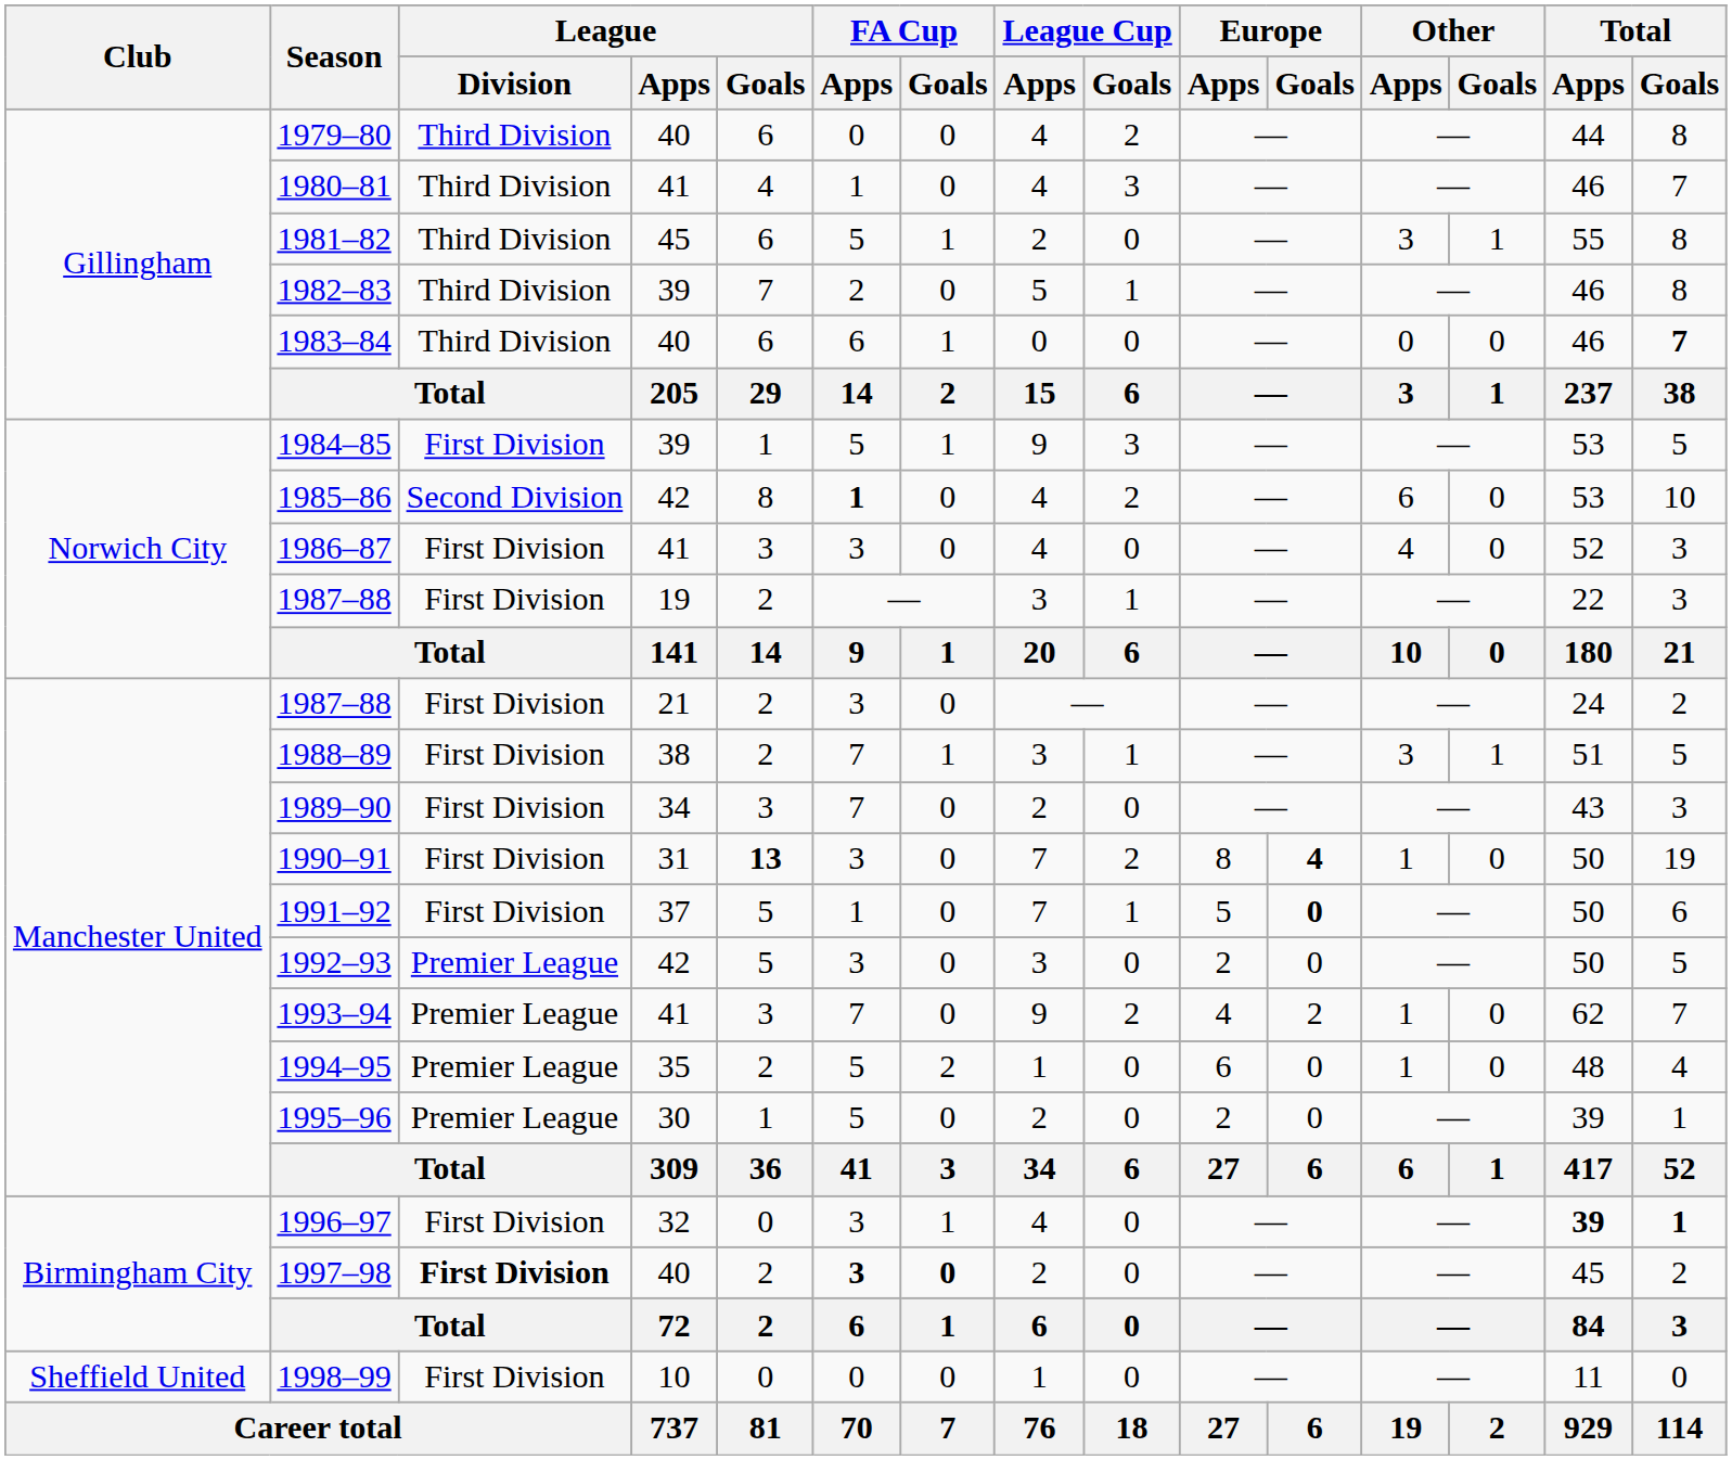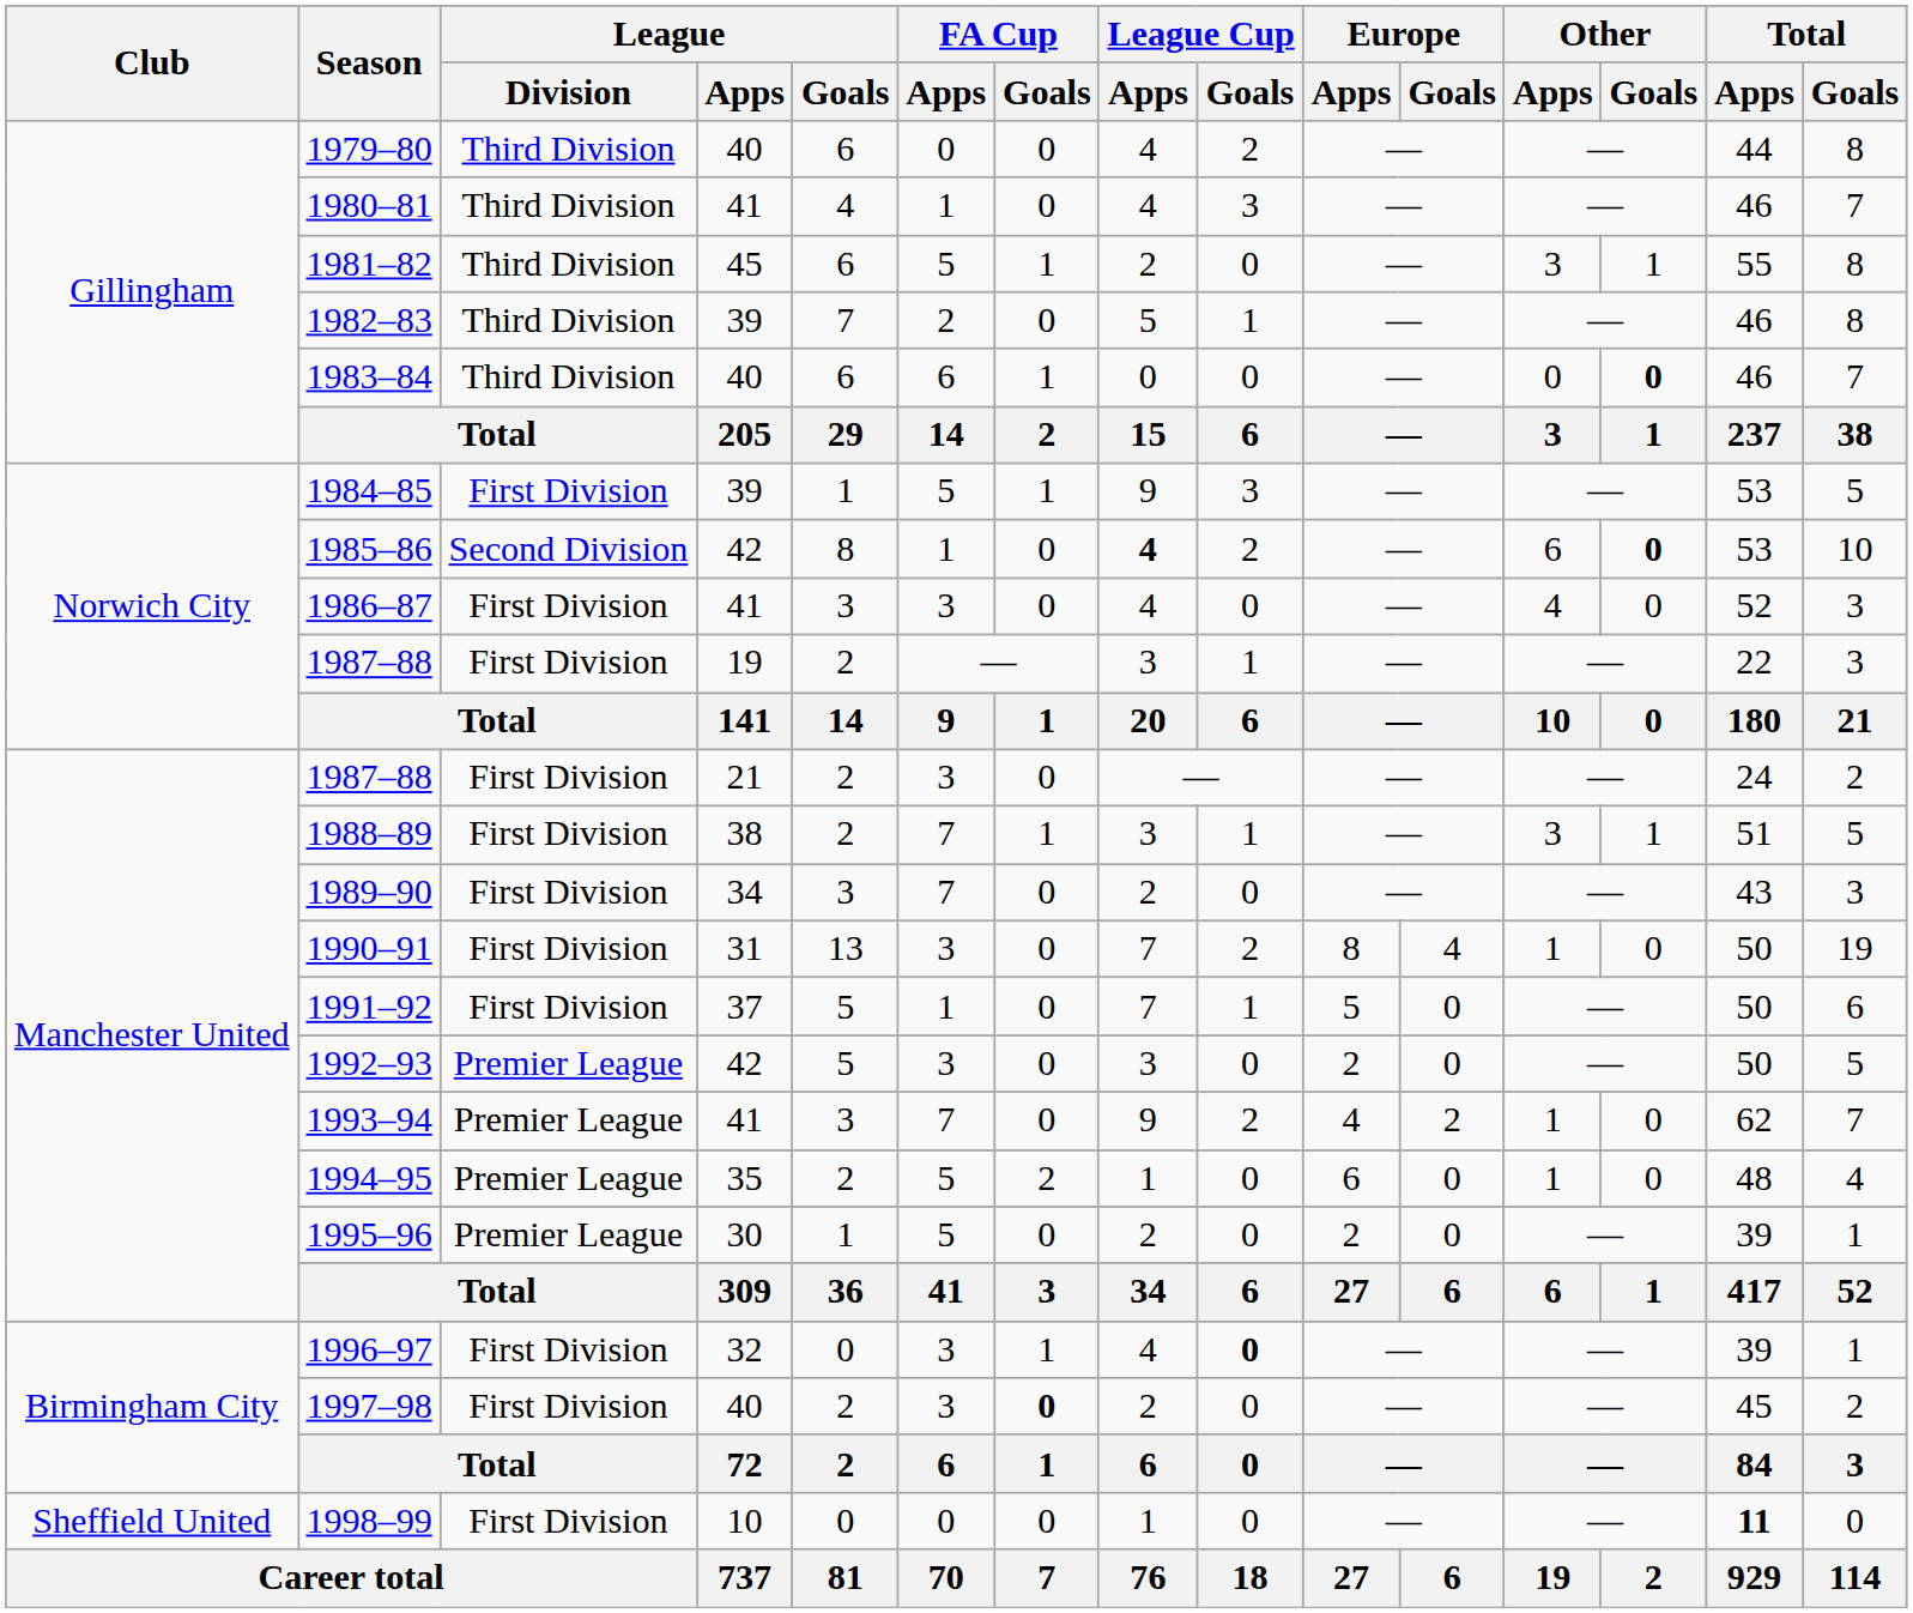 <table class=wikitable style=text-align:center>
 <tr>
 <th rowspan="2">Club</th>
 <th rowspan="2">Season</th>
 <th colspan="3">League</th>
 <th colspan="2"><a href='#'>FA Cup</a></th>
 <th colspan="2"><a href='#'>League Cup</a></th>
 <th colspan="2">Europe</th>
 <th colspan="2">Other</th>
 <th colspan="2">Total</th>
 </tr>
 <tr>
 <th>Division</th>
 <th>Apps</th>
 <th>Goals</th>
 <th>Apps</th>
 <th>Goals</th>
 <th>Apps</th>
 <th>Goals</th>
 <th>Apps</th>
 <th>Goals</th>
 <th>Apps</th>
 <th>Goals</th>
 <th>Apps</th>
 <th>Goals</th>
 </tr>
 <tr>
 <td rowspan="6"><a href='#'>Gillingham</a></td>
 <td><a href='#'>1979–80</a></td>
 <td><a href='#'>Third Division</a></td>
 <td>40</td>
 <td>6</td>
 <td>0</td>
 <td>0</td>
 <td>4</td>
 <td>2</td>
 <td colspan="2">—</td>
 <td colspan="2">—</td>
 <td>44</td>
 <td>8</td>
 </tr>
 <tr>
 <td><a href='#'>1980–81</a></td>
 <td>Third Division</td>
 <td>41</td>
 <td>4</td>
 <td>1</td>
 <td>0</td>
 <td>4</td>
 <td>3</td>
 <td colspan="2">—</td>
 <td colspan="2">—</td>
 <td>46</td>
 <td>7</td>
 </tr>
 <tr>
 <td><a href='#'>1981–82</a></td>
 <td>Third Division</td>
 <td>45</td>
 <td>6</td>
 <td>5</td>
 <td>1</td>
 <td>2</td>
 <td>0</td>
 <td colspan="2">—</td>
 <td>3</td>
 <td>1</td>
 <td>55</td>
 <td>8</td>
 </tr>
 <tr>
 <td><a href='#'>1982–83</a></td>
 <td>Third Division</td>
 <td>39</td>
 <td>7</td>
 <td>2</td>
 <td>0</td>
 <td>5</td>
 <td>1</td>
 <td colspan="2">—</td>
 <td colspan="2">—</td>
 <td>46</td>
 <td>8</td>
 </tr>
 <tr>
 <td><a href='#'>1983–84</a></td>
 <td>Third Division</td>
 <td>40</td>
 <td>6</td>
 <td>6</td>
 <td>1</td>
 <td>0</td>
 <td>0</td>
 <td colspan="2">—</td>
 <td>0</td>
-<td>0</td>
+<td><strong>0</strong></td>
 <td>46</td>
-<td><strong>7</strong></td>
+<td>7</td>
 </tr>
 <tr>
 <th colspan="2">Total</th>
 <th>205</th>
 <th>29</th>
 <th>14</th>
 <th>2</th>
 <th>15</th>
 <th>6</th>
 <th colspan="2">—</th>
 <th>3</th>
 <th>1</th>
 <th>237</th>
 <th>38</th>
 </tr>
 <tr>
 <td rowspan="5"><a href='#'>Norwich City</a></td>
 <td><a href='#'>1984–85</a></td>
 <td><a href='#'>First Division</a></td>
 <td>39</td>
 <td>1</td>
 <td>5</td>
 <td>1</td>
 <td>9</td>
 <td>3</td>
 <td colspan="2">—</td>
 <td colspan="2">—</td>
 <td>53</td>
 <td>5</td>
 </tr>
 <tr>
 <td><a href='#'>1985–86</a></td>
 <td><a href='#'>Second Division</a></td>
 <td>42</td>
 <td>8</td>
-<td><strong>1</strong></td>
+<td>1</td>
 <td>0</td>
-<td>4</td>
+<td><strong>4</strong></td>
 <td>2</td>
 <td colspan="2">—</td>
 <td>6</td>
-<td>0</td>
+<td><strong>0</strong></td>
 <td>53</td>
 <td>10</td>
 </tr>
 <tr>
 <td><a href='#'>1986–87</a></td>
 <td>First Division</td>
 <td>41</td>
 <td>3</td>
 <td>3</td>
 <td>0</td>
 <td>4</td>
 <td>0</td>
 <td colspan="2">—</td>
 <td>4</td>
 <td>0</td>
 <td>52</td>
 <td>3</td>
 </tr>
 <tr>
 <td><a href='#'>1987–88</a></td>
 <td>First Division</td>
 <td>19</td>
 <td>2</td>
 <td colspan="2">—</td>
 <td>3</td>
 <td>1</td>
 <td colspan="2">—</td>
 <td colspan="2">—</td>
 <td>22</td>
 <td>3</td>
 </tr>
 <tr>
 <th colspan="2">Total</th>
 <th>141</th>
 <th>14</th>
 <th>9</th>
 <th>1</th>
 <th>20</th>
 <th>6</th>
 <th colspan="2">—</th>
 <th>10</th>
 <th>0</th>
 <th>180</th>
 <th>21</th>
 </tr>
 <tr>
 <td rowspan="10"><a href='#'>Manchester United</a></td>
 <td><a href='#'>1987–88</a></td>
 <td>First Division</td>
 <td>21</td>
 <td>2</td>
 <td>3</td>
 <td>0</td>
 <td colspan="2">—</td>
 <td colspan="2">—</td>
 <td colspan="2">—</td>
 <td>24</td>
 <td>2</td>
 </tr>
 <tr>
 <td><a href='#'>1988–89</a></td>
 <td>First Division</td>
 <td>38</td>
 <td>2</td>
 <td>7</td>
 <td>1</td>
 <td>3</td>
 <td>1</td>
 <td colspan="2">—</td>
 <td>3</td>
 <td>1</td>
 <td>51</td>
 <td>5</td>
 </tr>
 <tr>
 <td><a href='#'>1989–90</a></td>
 <td>First Division</td>
 <td>34</td>
 <td>3</td>
 <td>7</td>
 <td>0</td>
 <td>2</td>
 <td>0</td>
 <td colspan="2">—</td>
 <td colspan="2">—</td>
 <td>43</td>
 <td>3</td>
 </tr>
 <tr>
 <td><a href='#'>1990–91</a></td>
 <td>First Division</td>
 <td>31</td>
-<td><strong>13</strong></td>
+<td>13</td>
 <td>3</td>
 <td>0</td>
 <td>7</td>
 <td>2</td>
 <td>8</td>
-<td><strong>4</strong></td>
+<td>4</td>
 <td>1</td>
 <td>0</td>
 <td>50</td>
 <td>19</td>
 </tr>
 <tr>
 <td><a href='#'>1991–92</a></td>
 <td>First Division</td>
 <td>37</td>
 <td>5</td>
 <td>1</td>
 <td>0</td>
 <td>7</td>
 <td>1</td>
 <td>5</td>
-<td><strong>0</strong></td>
+<td>0</td>
 <td colspan="2">—</td>
 <td>50</td>
 <td>6</td>
 </tr>
 <tr>
 <td><a href='#'>1992–93</a></td>
 <td><a href='#'>Premier League</a></td>
 <td>42</td>
 <td>5</td>
 <td>3</td>
 <td>0</td>
 <td>3</td>
 <td>0</td>
 <td>2</td>
 <td>0</td>
 <td colspan="2">—</td>
 <td>50</td>
 <td>5</td>
 </tr>
 <tr>
 <td><a href='#'>1993–94</a></td>
 <td>Premier League</td>
 <td>41</td>
 <td>3</td>
 <td>7</td>
 <td>0</td>
 <td>9</td>
 <td>2</td>
 <td>4</td>
 <td>2</td>
 <td>1</td>
 <td>0</td>
 <td>62</td>
 <td>7</td>
 </tr>
 <tr>
 <td><a href='#'>1994–95</a></td>
 <td>Premier League</td>
 <td>35</td>
 <td>2</td>
 <td>5</td>
 <td>2</td>
 <td>1</td>
 <td>0</td>
 <td>6</td>
 <td>0</td>
 <td>1</td>
 <td>0</td>
 <td>48</td>
 <td>4</td>
 </tr>
 <tr>
 <td><a href='#'>1995–96</a></td>
 <td>Premier League</td>
 <td>30</td>
 <td>1</td>
 <td>5</td>
 <td>0</td>
 <td>2</td>
 <td>0</td>
 <td>2</td>
 <td>0</td>
 <td colspan="2">—</td>
 <td>39</td>
 <td>1</td>
 </tr>
 <tr>
 <th colspan="2">Total</th>
 <th>309</th>
 <th>36</th>
 <th>41</th>
 <th>3</th>
 <th>34</th>
 <th>6</th>
 <th>27</th>
 <th>6</th>
 <th>6</th>
 <th>1</th>
 <th>417</th>
 <th>52</th>
 </tr>
 <tr>
 <td rowspan="3"><a href='#'>Birmingham City</a></td>
 <td><a href='#'>1996–97</a></td>
 <td>First Division</td>
 <td>32</td>
 <td>0</td>
 <td>3</td>
 <td>1</td>
 <td>4</td>
-<td>0</td>
+<td><strong>0</strong></td>
 <td colspan="2">—</td>
 <td colspan="2">—</td>
-<td><strong>39</strong></td>
-<td><strong>1</strong></td>
+<td>39</td>
+<td>1</td>
 </tr>
 <tr>
 <td><a href='#'>1997–98</a></td>
-<td><strong>First Division</strong></td>
+<td>First Division</td>
 <td>40</td>
 <td>2</td>
-<td><strong>3</strong></td>
+<td>3</td>
 <td><strong>0</strong></td>
 <td>2</td>
 <td>0</td>
 <td colspan="2">—</td>
 <td colspan="2">—</td>
 <td>45</td>
 <td>2</td>
 </tr>
 <tr>
 <th colspan="2">Total</th>
 <th>72</th>
 <th>2</th>
 <th>6</th>
 <th>1</th>
 <th>6</th>
 <th>0</th>
 <th colspan="2">—</th>
 <th colspan="2">—</th>
 <th>84</th>
 <th>3</th>
 </tr>
 <tr>
 <td><a href='#'>Sheffield United</a></td>
 <td><a href='#'>1998–99</a></td>
 <td>First Division</td>
 <td>10</td>
 <td>0</td>
 <td>0</td>
 <td>0</td>
 <td>1</td>
 <td>0</td>
 <td colspan="2">—</td>
 <td colspan="2">—</td>
-<td>11</td>
+<td><strong>11</strong></td>
 <td>0</td>
 </tr>
 <tr>
 <th colspan="3">Career total</th>
 <th>737</th>
 <th>81</th>
 <th>70</th>
 <th>7</th>
 <th>76</th>
 <th>18</th>
 <th>27</th>
 <th>6</th>
 <th>19</th>
 <th>2</th>
 <th>929</th>
 <th>114</th>
 </tr>
 </table>
